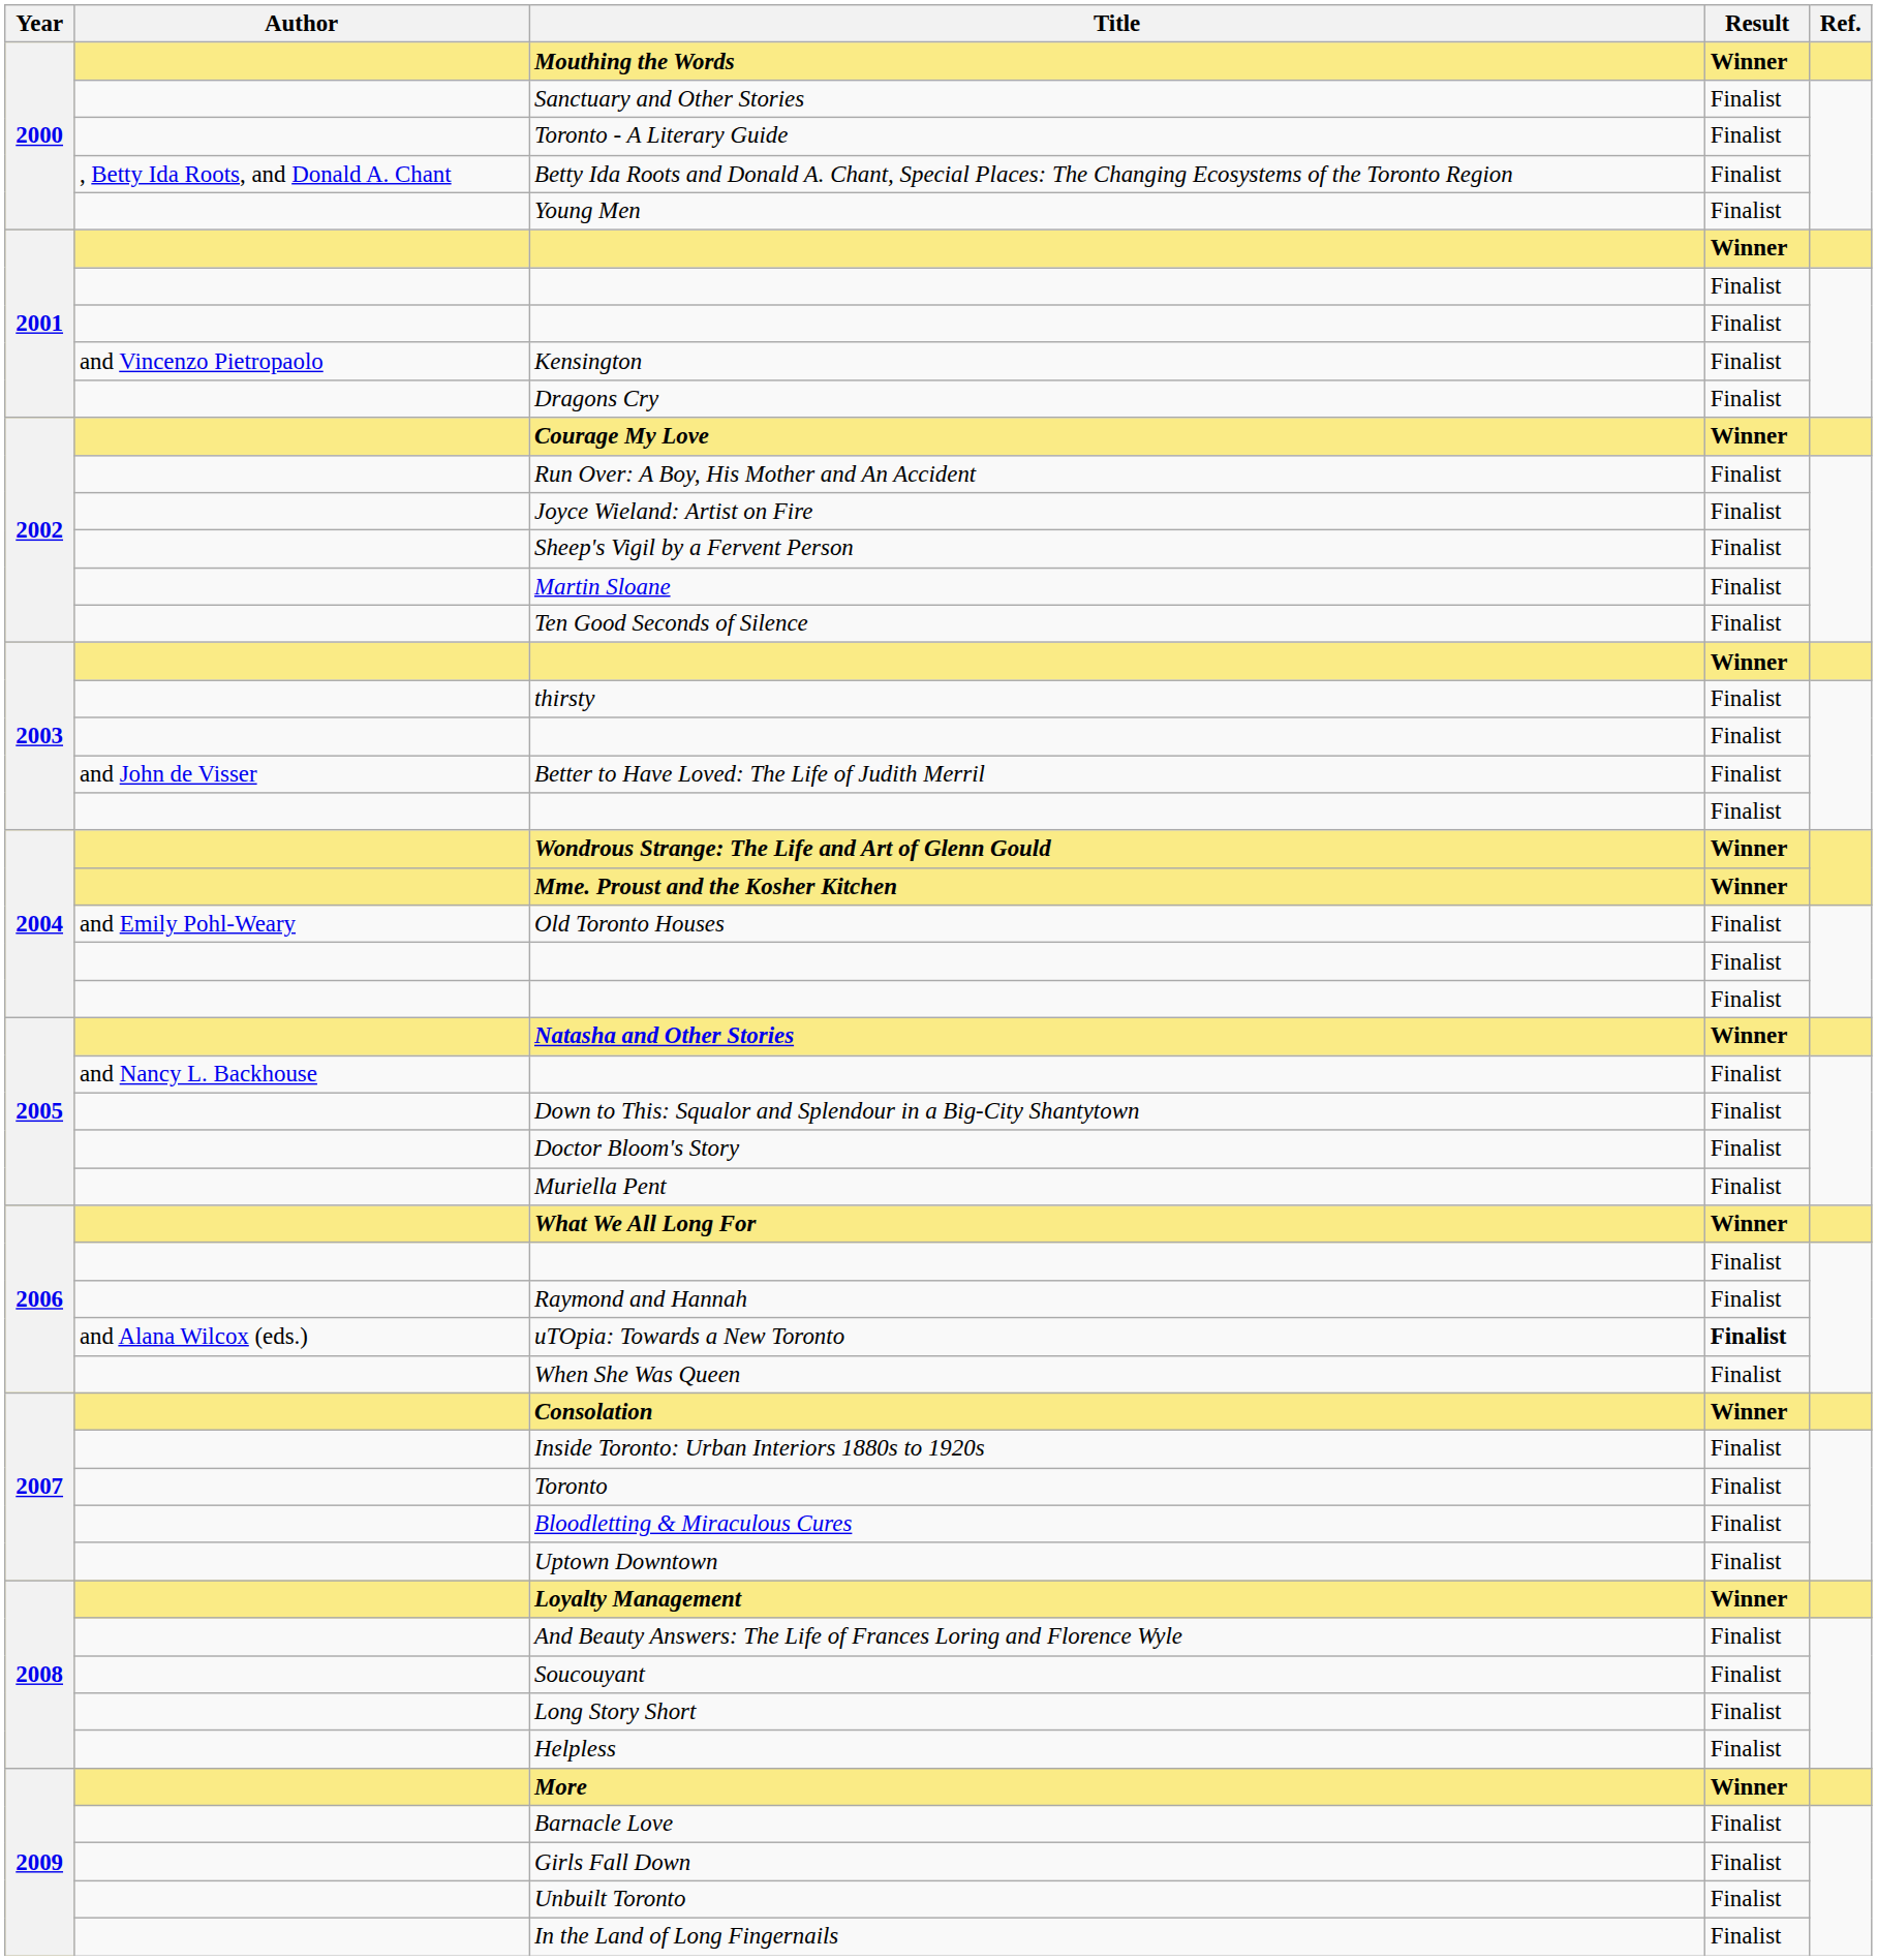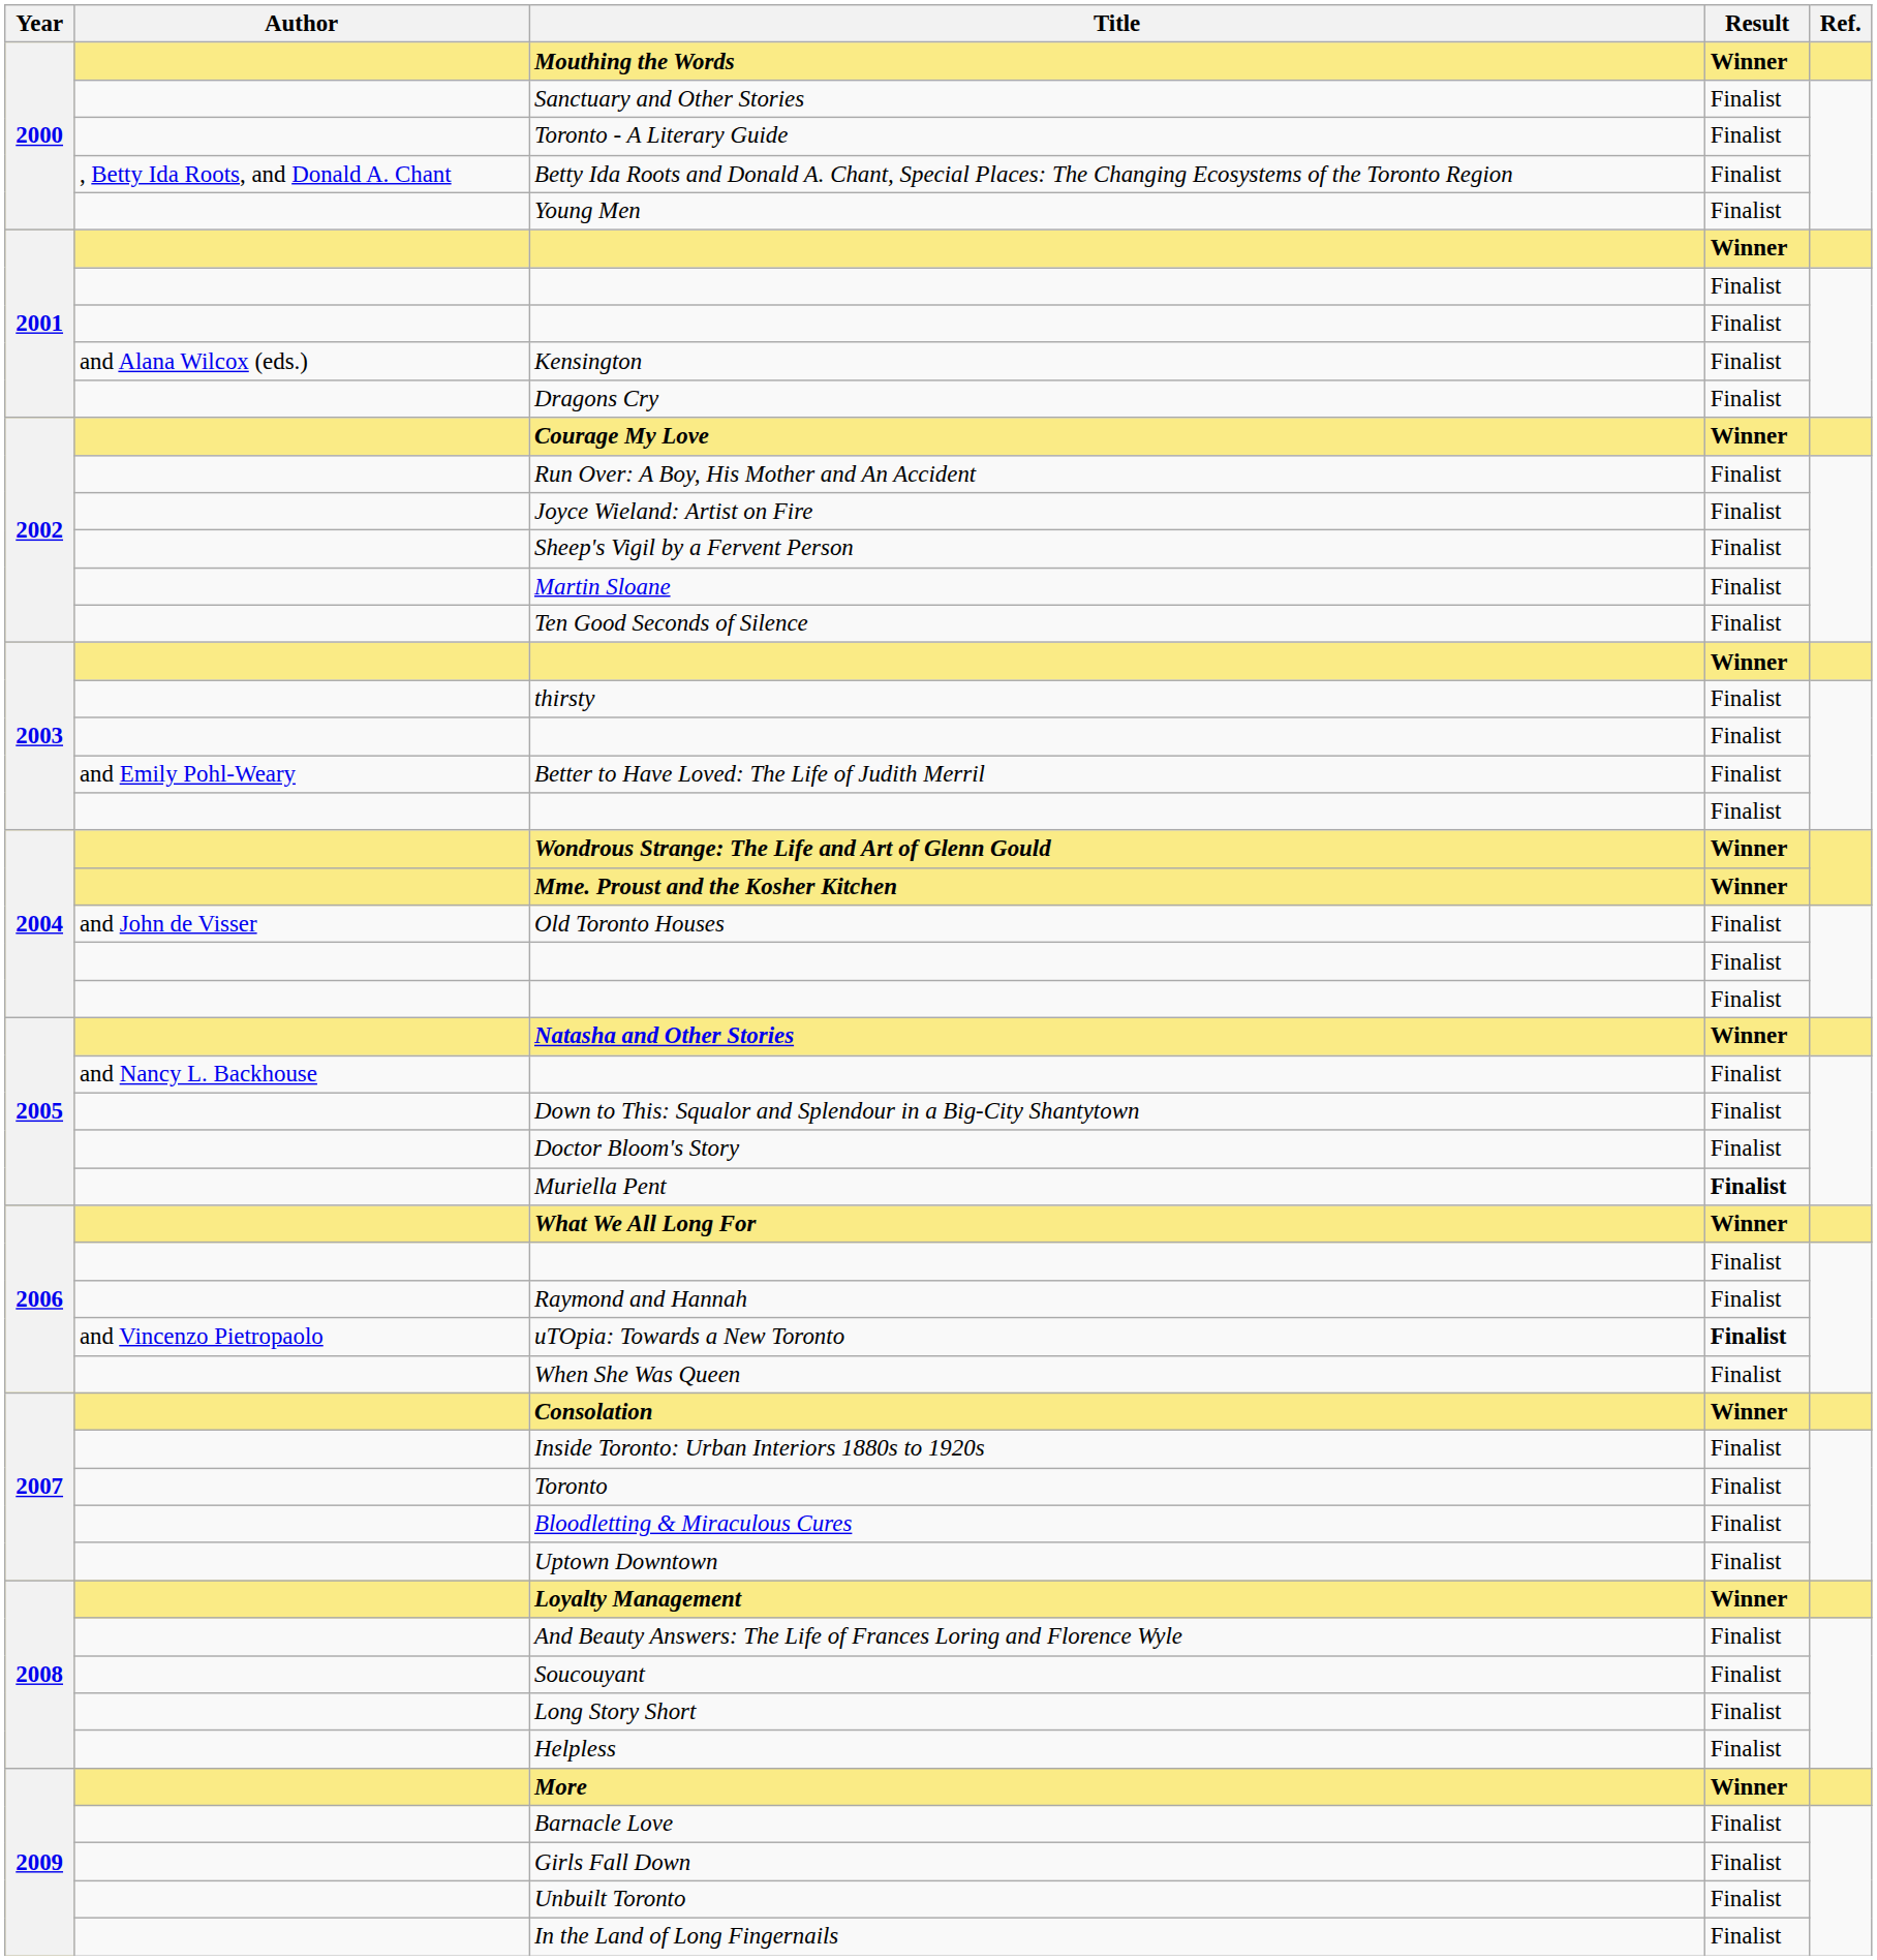 <table class="wikitable sortable mw-collapsible" width=100%>
 <tr>
 <th>Year</th>
 <th>Author</th>
 <th>Title</th>
 <th>Result</th>
 <th>Ref.</th>
 </tr>
 <tr style="background:#FAEB86">
 <th rowspan="5"><a href='#'>2000</a></th>
 <td><strong></strong></td>
 <td><strong><em>Mouthing the Words</em></strong></td>
 <td><strong>Winner</strong></td>
 <td></td>
 </tr>
 <tr>
 <td></td>
 <td><em>Sanctuary and Other Stories</em></td>
 <td>Finalist</td>
 <td rowspan=4></td>
 </tr>
 <tr>
 <td></td>
 <td><em>Toronto - A Literary Guide</em></td>
 <td>Finalist</td>
 </tr>
 <tr>
 <td>, <a href='#'>Betty Ida Roots</a>, and <a href='#'>Donald A. Chant</a></td>
 <td><em>Betty Ida Roots and Donald A. Chant, Special Places: The Changing Ecosystems of the Toronto Region</em></td>
 <td>Finalist</td>
 </tr>
 <tr>
 <td></td>
 <td><em>Young Men</em></td>
 <td>Finalist</td>
 </tr>
 <tr style="background:#FAEB86">
 <th rowspan="5"><a href='#'>2001</a></th>
 <td><strong></strong></td>
 <td><strong><em></em></strong></td>
 <td><strong>Winner</strong></td>
 <td></td>
 </tr>
 <tr>
 <td></td>
 <td><em></em></td>
 <td>Finalist</td>
 <td rowspan=4></td>
 </tr>
 <tr>
 <td></td>
 <td><em></em></td>
 <td>Finalist</td>
 </tr>
 <tr>
-<td> and <a href='#'>Vincenzo Pietropaolo</a></td>
+<td> and <a href='#'>Alana Wilcox</a> (eds.)</td>
 <td><em>Kensington</em></td>
 <td>Finalist</td>
 </tr>
 <tr>
 <td></td>
 <td><em>Dragons Cry</em></td>
 <td>Finalist</td>
 </tr>
 <tr style="background:#FAEB86">
 <th rowspan="6"><a href='#'>2002</a></th>
 <td><strong></strong></td>
 <td><strong><em>Courage My Love</em></strong></td>
 <td><strong>Winner</strong></td>
 <td></td>
 </tr>
 <tr>
 <td></td>
 <td><em>Run Over: A Boy, His Mother and An Accident</em></td>
 <td>Finalist</td>
 <td rowspan=5></td>
 </tr>
 <tr>
 <td></td>
 <td><em>Joyce Wieland: Artist on Fire</em></td>
 <td>Finalist</td>
 </tr>
 <tr>
 <td></td>
 <td><em>Sheep's Vigil by a Fervent Person</em></td>
 <td>Finalist</td>
 </tr>
 <tr>
 <td></td>
 <td><em><a href='#'>Martin Sloane</a></em></td>
 <td>Finalist</td>
 </tr>
 <tr>
 <td></td>
 <td><em>Ten Good Seconds of Silence</em></td>
 <td>Finalist</td>
 </tr>
 <tr style="background:#FAEB86">
 <th rowspan="5"><a href='#'>2003</a></th>
 <td><strong></strong></td>
 <td><strong><em></em></strong></td>
 <td><strong>Winner</strong></td>
 <td></td>
 </tr>
 <tr>
 <td></td>
 <td><em>thirsty</em></td>
 <td>Finalist</td>
 <td rowspan=4></td>
 </tr>
 <tr>
 <td></td>
 <td><em></em></td>
 <td>Finalist</td>
 </tr>
 <tr>
-<td> and <a href='#'>John de Visser</a></td>
+<td> and <a href='#'>Emily Pohl-Weary</a></td>
 <td><em>Better to Have Loved: The Life of Judith Merril</em></td>
 <td>Finalist</td>
 </tr>
 <tr>
 <td></td>
 <td><em></em></td>
 <td>Finalist</td>
 </tr>
 <tr style="background:#FAEB86">
 <th rowspan="5"><a href='#'>2004</a></th>
 <td><strong></strong></td>
 <td><strong><em>Wondrous Strange: The Life and Art of Glenn Gould</em></strong></td>
 <td><strong>Winner</strong></td>
 <td rowspan=2></td>
 </tr>
 <tr style="background:#FAEB86">
 <td><strong></strong></td>
 <td><strong><em>Mme. Proust and the Kosher Kitchen</em></strong></td>
 <td><strong>Winner</strong></td>
 </tr>
 <tr>
-<td> and <a href='#'>Emily Pohl-Weary</a></td>
+<td> and <a href='#'>John de Visser</a></td>
 <td><em>Old Toronto Houses</em></td>
 <td>Finalist</td>
 <td rowspan=3></td>
 </tr>
 <tr>
 <td></td>
 <td><em></em></td>
 <td>Finalist</td>
 </tr>
 <tr>
 <td></td>
 <td><em></em></td>
 <td>Finalist</td>
 </tr>
 <tr style="background:#FAEB86">
 <th rowspan="5"><a href='#'>2005</a></th>
 <td><strong></strong></td>
 <td><strong><em><a href='#'>Natasha and Other Stories</a></em></strong></td>
 <td><strong>Winner</strong></td>
 <td></td>
 </tr>
 <tr>
 <td> and <a href='#'>Nancy L. Backhouse</a></td>
 <td><em></em></td>
 <td>Finalist</td>
 <td rowspan=4></td>
 </tr>
 <tr>
 <td></td>
 <td><em>Down to This: Squalor and Splendour in a Big-City Shantytown</em></td>
 <td>Finalist</td>
 </tr>
 <tr>
 <td></td>
 <td><em>Doctor Bloom's Story</em></td>
 <td>Finalist</td>
 </tr>
 <tr>
 <td></td>
 <td><em>Muriella Pent</em></td>
-<td>Finalist</td>
+<td><strong>Finalist</strong></td>
 </tr>
 <tr style="background:#FAEB86">
 <th rowspan="5"><a href='#'>2006</a></th>
 <td><strong></strong></td>
 <td><strong><em>What We All Long For</em></strong></td>
 <td><strong>Winner</strong></td>
 <td></td>
 </tr>
 <tr>
 <td></td>
 <td><em></em></td>
 <td>Finalist</td>
 <td rowspan=4></td>
 </tr>
 <tr>
 <td></td>
 <td><em>Raymond and Hannah</em></td>
 <td>Finalist</td>
 </tr>
 <tr>
-<td> and <a href='#'>Alana Wilcox</a> (eds.)</td>
+<td> and <a href='#'>Vincenzo Pietropaolo</a></td>
 <td><em>uTOpia: Towards a New Toronto</em></td>
 <td><strong>Finalist</strong></td>
 </tr>
 <tr>
 <td></td>
 <td><em>When She Was Queen</em></td>
 <td>Finalist</td>
 </tr>
 <tr style="background:#FAEB86">
 <th rowspan="5"><a href='#'>2007</a></th>
 <td><strong></strong></td>
 <td><strong><em>Consolation</em></strong></td>
 <td><strong>Winner</strong></td>
 <td></td>
 </tr>
 <tr>
 <td></td>
 <td><em>Inside Toronto: Urban Interiors 1880s to 1920s</em></td>
 <td>Finalist</td>
 <td rowspan=4></td>
 </tr>
 <tr>
 <td></td>
 <td><em>Toronto</em></td>
 <td>Finalist</td>
 </tr>
 <tr>
 <td></td>
 <td><em><a href='#'>Bloodletting & Miraculous Cures</a></em></td>
 <td>Finalist</td>
 </tr>
 <tr>
 <td></td>
 <td><em>Uptown Downtown</em></td>
 <td>Finalist</td>
 </tr>
 <tr style="background:#FAEB86">
 <th rowspan="5"><a href='#'>2008</a></th>
 <td><strong></strong></td>
 <td><strong><em>Loyalty Management</em></strong></td>
 <td><strong>Winner</strong></td>
 <td></td>
 </tr>
 <tr>
 <td></td>
 <td><em>And Beauty Answers: The Life of Frances Loring and Florence Wyle</em></td>
 <td>Finalist</td>
 <td rowspan=4></td>
 </tr>
 <tr>
 <td></td>
 <td><em>Soucouyant</em></td>
 <td>Finalist</td>
 </tr>
 <tr>
 <td></td>
 <td><em>Long Story Short</em></td>
 <td>Finalist</td>
 </tr>
 <tr>
 <td></td>
 <td><em>Helpless</em></td>
 <td>Finalist</td>
 </tr>
 <tr style="background:#FAEB86">
 <th rowspan="5"><a href='#'>2009</a></th>
 <td><strong></strong></td>
 <td><strong><em>More</em></strong></td>
 <td><strong>Winner</strong></td>
 <td></td>
 </tr>
 <tr>
 <td></td>
 <td><em>Barnacle Love</em></td>
 <td>Finalist</td>
 <td rowspan=4></td>
 </tr>
 <tr>
 <td></td>
 <td><em>Girls Fall Down</em></td>
 <td>Finalist</td>
 </tr>
 <tr>
 <td></td>
 <td><em>Unbuilt Toronto</em></td>
 <td>Finalist</td>
 </tr>
 <tr>
 <td></td>
 <td><em>In the Land of Long Fingernails</em></td>
 <td>Finalist</td>
 </tr>
 </table>
